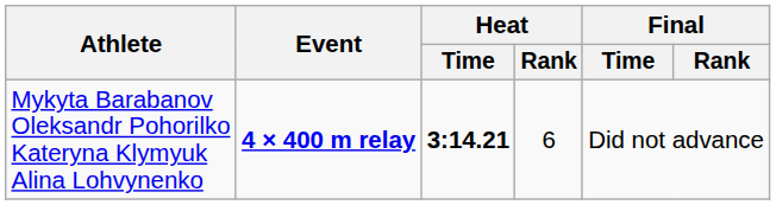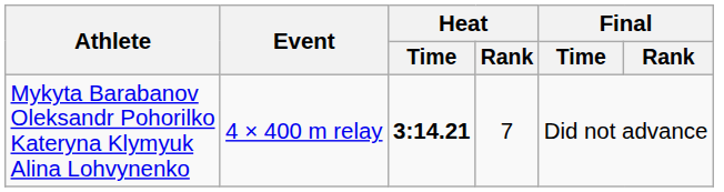 <table class=wikitable style=font-size:90%;text-align:center>
 <tr>
 <th rowspan=2>Athlete</th>
 <th rowspan=2>Event</th>
 <th colspan=2>Heat</th>
 <th colspan=2>Final</th>
 </tr>
 <tr style=font-size:95%>
 <th>Time</th>
 <th>Rank</th>
 <th>Time</th>
 <th>Rank</th>
 </tr>
 <tr>
 <td align=left><a href='#'>Mykyta Barabanov</a><br><a href='#'>Oleksandr Pohorilko</a><br><a href='#'>Kateryna Klymyuk</a><br><a href='#'>Alina Lohvynenko</a></td>
-<td align=left><strong><a href='#'>4 × 400 m relay</a></strong></td>
+<td align=left><a href='#'>4 × 400 m relay</a></td>
 <td><strong>3:14.21</strong></td>
-<td>6</td>
+<td>7</td>
 <td colspan="2">Did not advance</td>
 </tr>
 </table>
